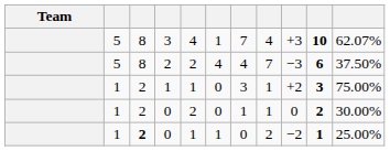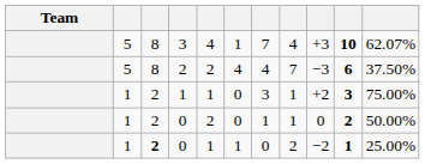 <table class="wikitable plainrowheaders sortable" style="text-align: center;">
 <tr>
 <th width=100>Team</th>
 <th width=20></th>
 <th width=20></th>
 <th width=20></th>
 <th width=20></th>
 <th width=20></th>
 <th width=20></th>
 <th width=20></th>
 <th width=20></th>
 <th width=20></th>
 <th width=20></th>
 </tr>
 <tr>
 <th scope=row></th>
 <td>5</td>
 <td>8</td>
 <td>3</td>
 <td>4</td>
 <td>1</td>
 <td>7</td>
 <td>4</td>
 <td>+3</td>
 <td><strong>10</strong></td>
 <td>62.07%</td>
 </tr>
 <tr>
 <th scope=row></th>
 <td>5</td>
 <td>8</td>
 <td>2</td>
 <td>2</td>
 <td>4</td>
 <td>4</td>
 <td>7</td>
 <td>−3</td>
 <td><strong>6</strong></td>
 <td>37.50%</td>
 </tr>
 <tr>
 <th scope=row></th>
 <td>1</td>
 <td>2</td>
 <td>1</td>
 <td>1</td>
 <td>0</td>
 <td>3</td>
 <td>1</td>
 <td>+2</td>
 <td><strong>3</strong></td>
 <td>75.00%</td>
 </tr>
 <tr>
 <th scope=row></th>
 <td>1</td>
 <td>2</td>
 <td>0</td>
 <td>2</td>
 <td>0</td>
 <td>1</td>
 <td>1</td>
 <td>0</td>
 <td><strong>2</strong></td>
-<td>30.00%</td>
+<td>50.00%</td>
 </tr>
 <tr>
 <th scope=row></th>
 <td>1</td>
 <td><strong>2</strong></td>
 <td>0</td>
 <td>1</td>
 <td>1</td>
 <td>0</td>
 <td>2</td>
 <td>−2</td>
 <td><strong>1</strong></td>
 <td>25.00%</td>
 </tr>
 </table>
